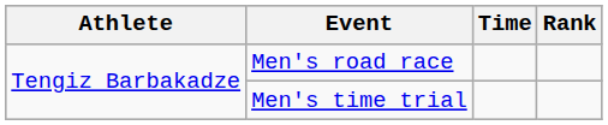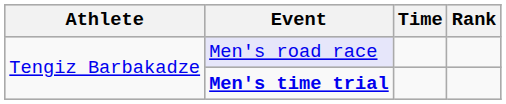 <table class="wikitable" style="font-size:90%">
 <tr>
 <th>Athlete</th>
 <th>Event</th>
 <th>Time</th>
 <th>Rank</th>
 </tr>
 <tr align=center>
 <td rowspan=2 align=left><a href='#'>Tengiz Barbakadze</a></td>
-<td align=left><a href='#'>Men's road race</a></td>
+<td align=left style="background: lavender;"><a href='#'>Men's road race</a></td>
 <td></td>
 <td></td>
 </tr>
 <tr align=center>
-<td align=left><a href='#'>Men's time trial</a></td>
+<td align=left><strong><a href='#'>Men's time trial</a></strong></td>
 <td></td>
 <td></td>
 </tr>
 </table>
